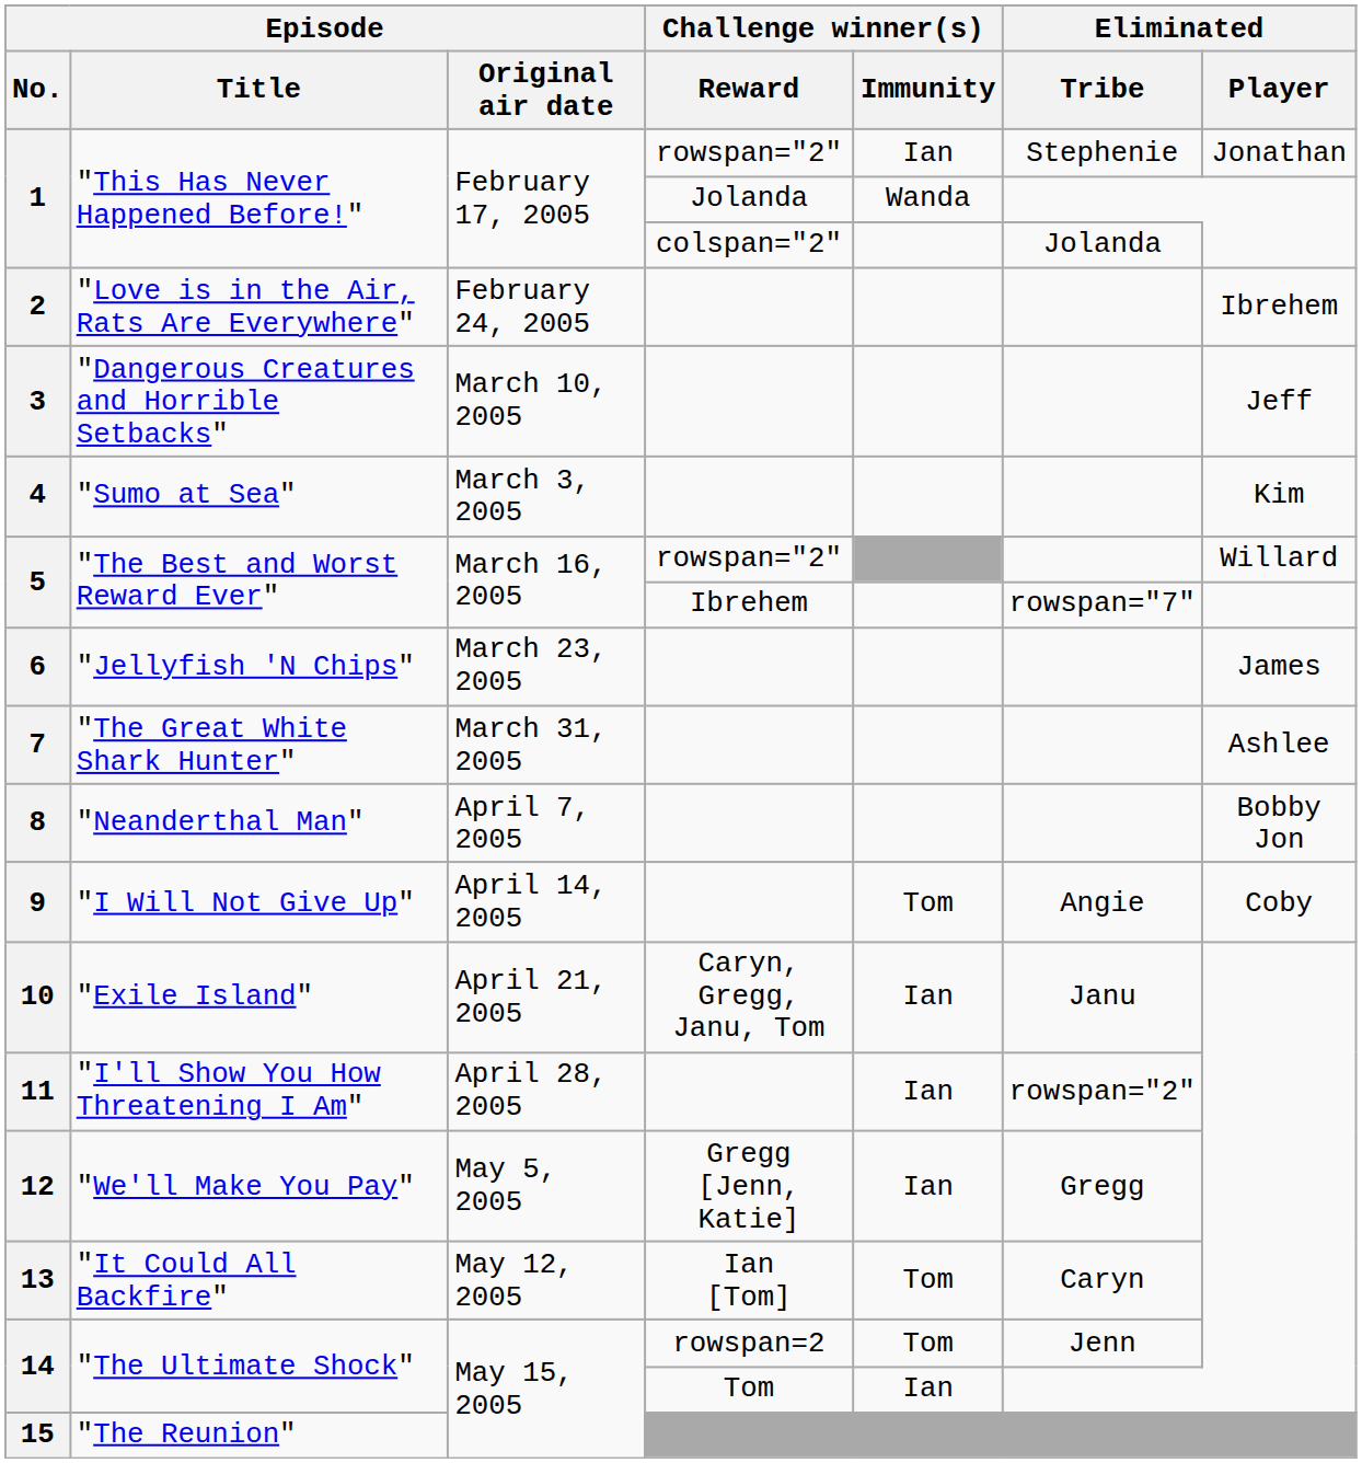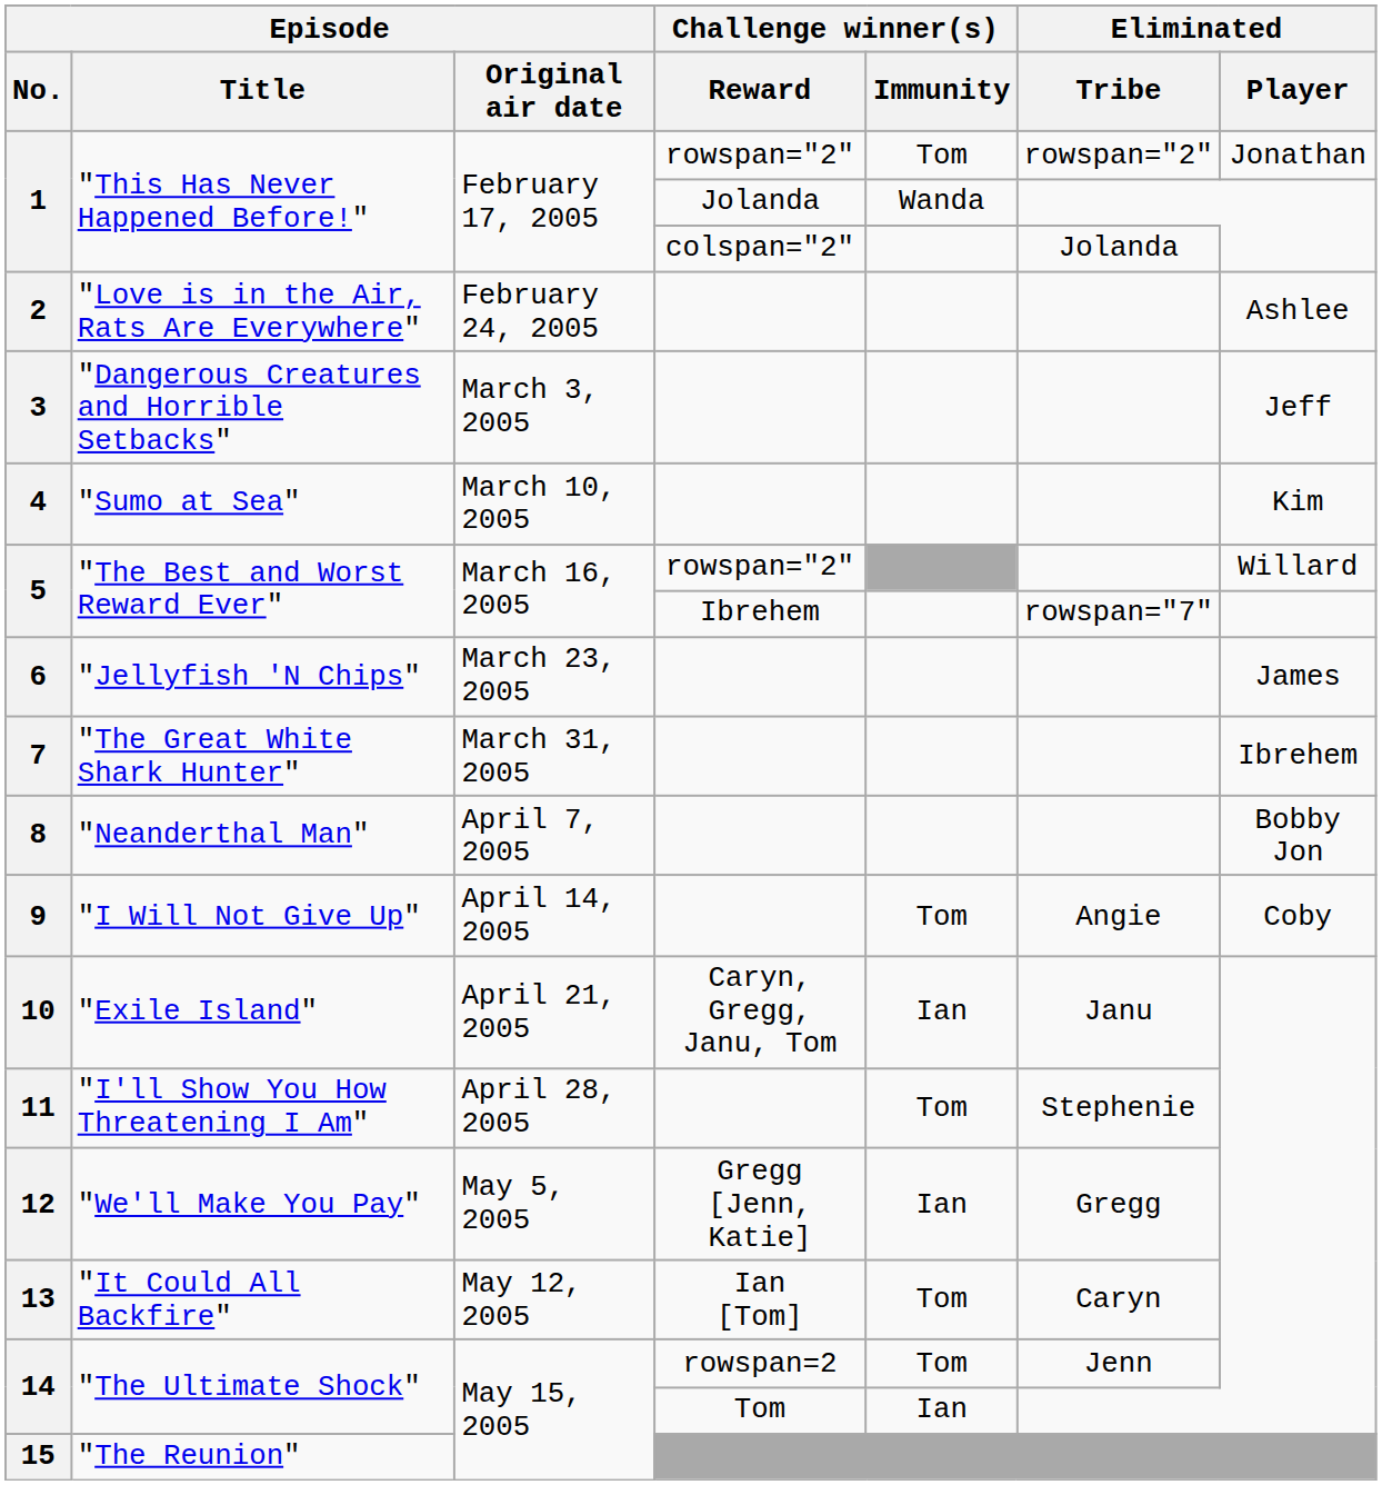 <table class="wikitable nowrap" style="margin:auto; text-align:center">
 <tr>
 <th scope="col" colspan="3">Episode</th>
 <th scope="col" colspan="2">Challenge winner(s)</th>
 <th colspan="2">Eliminated</th>
 </tr>
 <tr>
 <th scope="col">No.</th>
 <th scope="col">Title</th>
 <th scope="col">Original air date</th>
 <th scope="col">Reward</th>
 <th scope="col">Immunity</th>
 <th scope="col">Tribe</th>
 <th scope="col">Player</th>
 </tr>
 <tr>
 <th rowspan="3">1</th>
 <td style="text-align:left;" rowspan="3">"<a href='#'>This Has Never Happened Before!</a>"</td>
 <td style="text-align:left;" rowspan="3">February 17, 2005</td>
 <td>rowspan="2" </td>
-<td>Ian</td>
-<td>Stephenie</td>
+<td>Tom</td>
+<td>rowspan="2" </td>
 <td>Jonathan</td>
 </tr>
 <tr>
 <td>Jolanda</td>
 <td>Wanda</td>
 </tr>
 <tr>
 <td>colspan="2" </td>
 <td></td>
 <td>Jolanda</td>
 </tr>
 <tr>
 <th>2</th>
 <td align="left">"<a href='#'>Love is in the Air, Rats Are Everywhere</a>"</td>
 <td align="left">February 24, 2005</td>
 <td></td>
 <td></td>
 <td></td>
-<td>Ibrehem</td>
+<td>Ashlee</td>
 </tr>
 <tr>
 <th>3</th>
 <td align="left">"<a href='#'>Dangerous Creatures and Horrible Setbacks</a>"</td>
-<td align="left">March 10, 2005</td>
+<td align="left">March 3, 2005</td>
 <td></td>
 <td></td>
 <td></td>
 <td>Jeff</td>
 </tr>
 <tr>
 <th>4</th>
 <td align="left">"<a href='#'>Sumo at Sea</a>"</td>
-<td align="left">March 3, 2005</td>
+<td align="left">March 10, 2005</td>
 <td></td>
 <td></td>
 <td></td>
 <td>Kim</td>
 </tr>
 <tr>
 <th rowspan="2">5</th>
 <td style="text-align:left;" rowspan="2">"<a href='#'>The Best and Worst Reward Ever</a>"</td>
 <td style="text-align:left;" rowspan="2">March 16, 2005</td>
 <td>rowspan="2" </td>
 <td style="text-align:center; background:darkgrey;"></td>
 <td></td>
 <td>Willard</td>
 </tr>
 <tr>
 <td>Ibrehem</td>
 <td></td>
 <td>rowspan="7" </td>
 </tr>
 <tr>
 <th>6</th>
 <td align="left">"<a href='#'>Jellyfish 'N Chips</a>"</td>
 <td align="left">March 23, 2005</td>
 <td></td>
 <td></td>
 <td></td>
 <td>James</td>
 </tr>
 <tr>
 <th>7</th>
 <td align="left">"<a href='#'>The Great White Shark Hunter</a>"</td>
 <td align="left">March 31, 2005</td>
 <td></td>
 <td></td>
 <td></td>
-<td>Ashlee</td>
+<td>Ibrehem</td>
 </tr>
 <tr>
 <th>8</th>
 <td align="left">"<a href='#'>Neanderthal Man</a>"</td>
 <td align="left">April 7, 2005</td>
 <td></td>
 <td></td>
 <td></td>
 <td>Bobby Jon</td>
 </tr>
 <tr>
 <th>9</th>
 <td align="left">"<a href='#'>I Will Not Give Up</a>"</td>
 <td align="left">April 14, 2005</td>
 <td></td>
 <td>Tom</td>
 <td>Angie</td>
 <td>Coby</td>
 </tr>
 <tr>
 <th>10</th>
 <td align="left">"<a href='#'>Exile Island</a>"</td>
 <td align="left">April 21, 2005</td>
 <td>Caryn, Gregg,<br>Janu, Tom</td>
 <td>Ian</td>
 <td>Janu</td>
 </tr>
 <tr>
 <th>11</th>
 <td align="left">"<a href='#'>I'll Show You How Threatening I Am</a>"</td>
 <td align="left">April 28, 2005</td>
 <td></td>
-<td>Ian</td>
-<td>rowspan="2" </td>
+<td>Tom</td>
+<td>Stephenie</td>
 </tr>
 <tr>
 <th>12</th>
 <td align="left">"<a href='#'>We'll Make You Pay</a>"</td>
 <td align="left">May 5, 2005</td>
 <td>Gregg<br>[Jenn, Katie]</td>
 <td>Ian</td>
 <td>Gregg</td>
 </tr>
 <tr>
 <th>13</th>
 <td align="left">"<a href='#'>It Could All Backfire</a>"</td>
 <td align="left">May 12, 2005</td>
 <td>Ian<br>[Tom]</td>
 <td>Tom</td>
 <td>Caryn</td>
 </tr>
 <tr>
 <th rowspan="2">14</th>
 <td style="text-align:left;" rowspan="2">"<a href='#'>The Ultimate Shock</a>"</td>
 <td rowspan="3" style="text-align:left;">May 15, 2005</td>
 <td>rowspan=2 </td>
 <td>Tom</td>
 <td>Jenn</td>
 </tr>
 <tr>
 <td>Tom</td>
 <td>Ian</td>
 </tr>
 <tr>
 <th>15</th>
 <td style="text-align:left;">"<a href='#'>The Reunion</a>"</td>
 <td colspan="4" bgcolor="darkgray"></td>
 </tr>
 </table>
